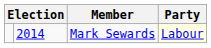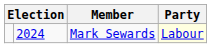 <table class="wikitable">
 <tr>
 <th colspan="2">Election</th>
 <th>Member</th>
 <th>Party</th>
 </tr>
 <tr>
 <td style="color:inherit;background-color: "></td>
-<td><a href='#'>2014</a></td>
+<td><a href='#'>2024</a></td>
 <td><a href='#'>Mark Sewards</a></td>
 <td style="background: lightyellow;"><a href='#'>Labour</a></td>
 </tr>
 </table>
